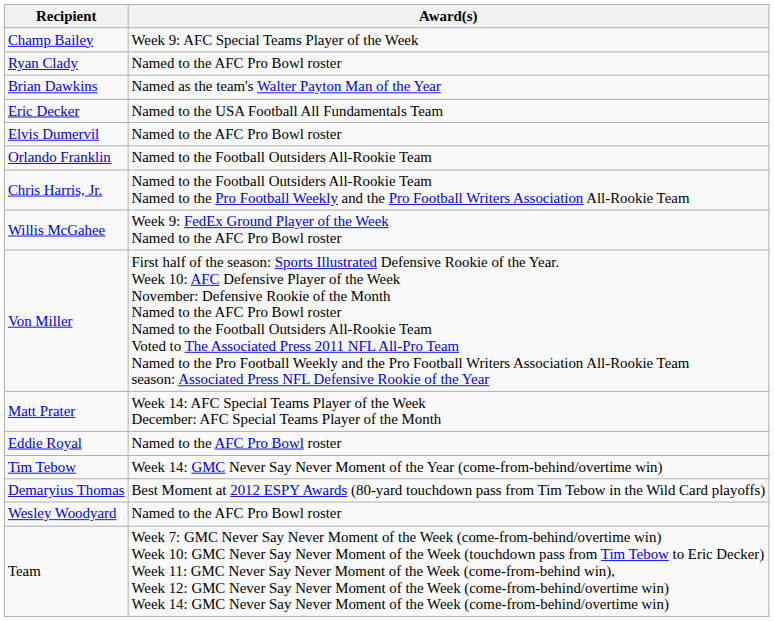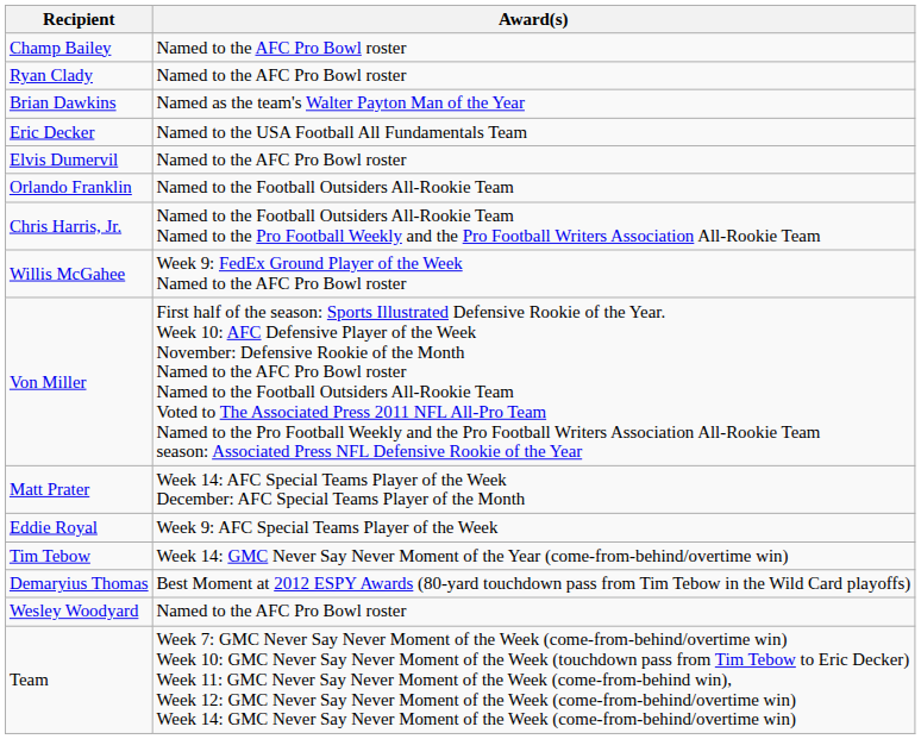 <table class="wikitable">
 <tr>
 <th>Recipient</th>
 <th>Award(s)</th>
 </tr>
 <tr>
 <td><a href='#'>Champ Bailey</a></td>
-<td>Week 9: AFC Special Teams Player of the Week</td>
+<td>Named to the <a href='#'>AFC Pro Bowl</a> roster</td>
 </tr>
 <tr>
 <td><a href='#'>Ryan Clady</a></td>
 <td>Named to the AFC Pro Bowl roster</td>
 </tr>
 <tr>
 <td><a href='#'>Brian Dawkins</a></td>
 <td>Named as the team's <a href='#'>Walter Payton Man of the Year</a></td>
 </tr>
 <tr>
 <td><a href='#'>Eric Decker</a></td>
 <td>Named to the USA Football All Fundamentals Team</td>
 </tr>
 <tr>
 <td><a href='#'>Elvis Dumervil</a></td>
 <td>Named to the AFC Pro Bowl roster</td>
 </tr>
 <tr>
 <td><a href='#'>Orlando Franklin</a></td>
 <td>Named to the Football Outsiders All-Rookie Team</td>
 </tr>
 <tr>
 <td><a href='#'>Chris Harris, Jr.</a></td>
 <td>Named to the Football Outsiders All-Rookie Team<br>Named to the <a href='#'>Pro Football Weekly</a> and the <a href='#'>Pro Football Writers Association</a> All-Rookie Team</td>
 </tr>
 <tr>
 <td><a href='#'>Willis McGahee</a></td>
 <td>Week 9: <a href='#'>FedEx Ground Player of the Week</a><br>Named to the AFC Pro Bowl roster</td>
 </tr>
 <tr>
 <td><a href='#'>Von Miller</a></td>
 <td>First half of the season: <a href='#'>Sports Illustrated</a> Defensive Rookie of the Year.<br>Week 10: <a href='#'>AFC</a> Defensive Player of the Week<br>November: Defensive Rookie of the Month<br>Named to the AFC Pro Bowl roster<br>Named to the Football Outsiders All-Rookie Team<br>Voted to <a href='#'>The Associated Press 2011 NFL All-Pro Team</a><br>Named to the Pro Football Weekly and the Pro Football Writers Association All-Rookie Team<br> season: <a href='#'>Associated Press NFL Defensive Rookie of the Year</a></td>
 </tr>
 <tr>
 <td><a href='#'>Matt Prater</a></td>
 <td>Week 14: AFC Special Teams Player of the Week<br>December: AFC Special Teams Player of the Month</td>
 </tr>
 <tr>
 <td><a href='#'>Eddie Royal</a></td>
-<td>Named to the <a href='#'>AFC Pro Bowl</a> roster</td>
+<td>Week 9: AFC Special Teams Player of the Week</td>
 </tr>
 <tr>
 <td><a href='#'>Tim Tebow</a></td>
 <td>Week 14: <a href='#'>GMC</a> Never Say Never Moment of the Year (come-from-behind/overtime win)</td>
 </tr>
 <tr>
 <td><a href='#'>Demaryius Thomas</a></td>
 <td>Best Moment at <a href='#'>2012 ESPY Awards</a> (80-yard touchdown pass from Tim Tebow in the Wild Card playoffs)</td>
 </tr>
 <tr>
 <td><a href='#'>Wesley Woodyard</a></td>
 <td>Named to the AFC Pro Bowl roster</td>
 </tr>
 <tr>
 <td>Team</td>
 <td>Week 7: GMC Never Say Never Moment of the Week (come-from-behind/overtime win)<br>Week 10: GMC Never Say Never Moment of the Week (touchdown pass from <a href='#'>Tim Tebow</a> to Eric Decker)<br>Week 11: GMC Never Say Never Moment of the Week (come-from-behind win),<br>Week 12: GMC Never Say Never Moment of the Week (come-from-behind/overtime win)<br>Week 14: GMC Never Say Never Moment of the Week (come-from-behind/overtime win)</td>
 </tr>
 </table>
